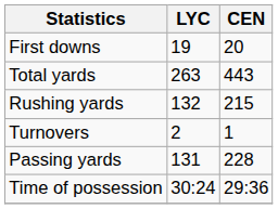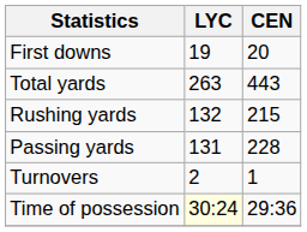 <table class="wikitable">
 <tr>
 <th>Statistics</th>
 <th>LYC</th>
 <th>CEN</th>
 </tr>
 <tr>
 <td>First downs</td>
 <td>19</td>
 <td>20</td>
 </tr>
 <tr>
 <td>Total yards</td>
 <td>263</td>
 <td>443</td>
 </tr>
 <tr>
 <td>Rushing yards</td>
 <td>132</td>
 <td>215</td>
 </tr>
 <tr>
+<td>Passing yards</td>
+<td>131</td>
+<td>228</td>
+</tr>
+<tr>
 <td>Turnovers</td>
 <td>2</td>
 <td>1</td>
 </tr>
 <tr>
-<td>Passing yards</td>
-<td>131</td>
-<td>228</td>
-</tr>
-<tr>
 <td>Time of possession</td>
-<td>30:24</td>
+<td style="background: lightyellow;">30:24</td>
 <td>29:36</td>
 </tr>
 <tr>
 </tr>
 </table>
